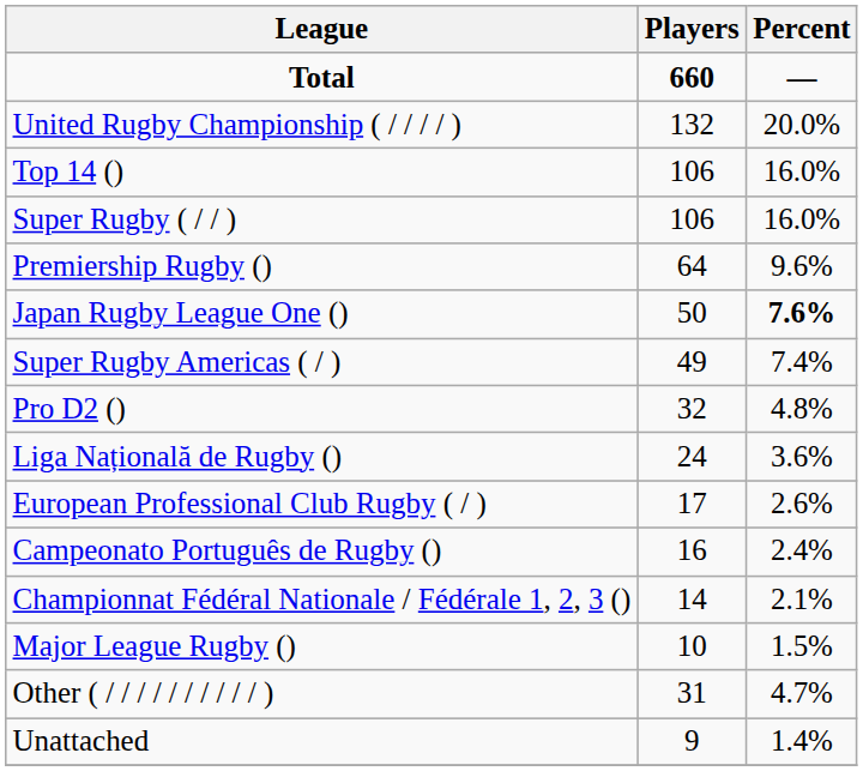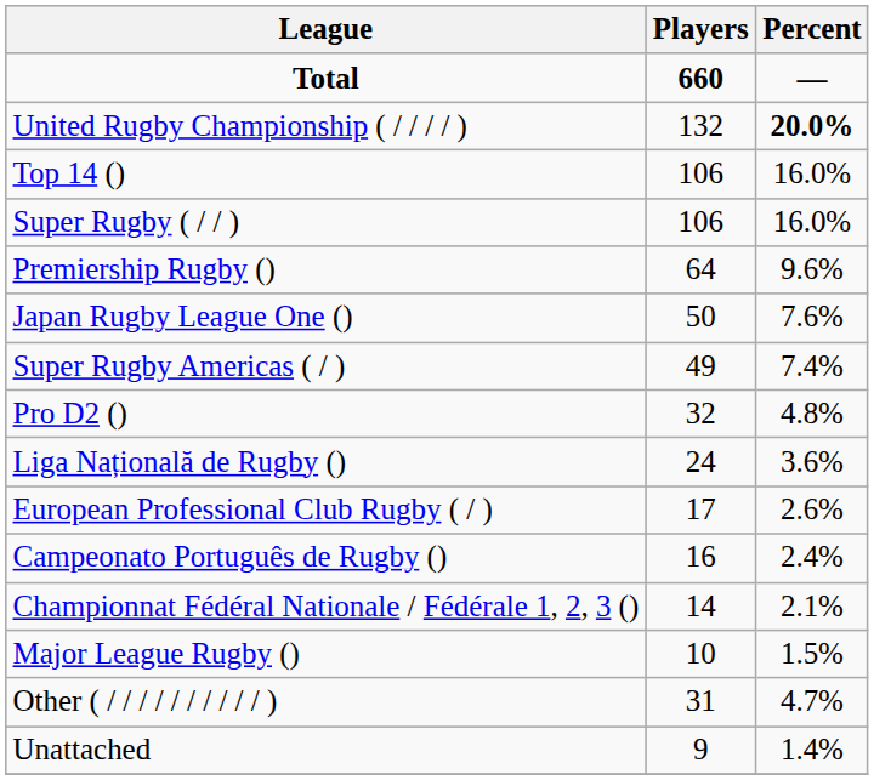 <table class="wikitable sortable" style="text-align:center">
 <tr>
 <th>League</th>
 <th>Players</th>
 <th>Percent</th>
 </tr>
 <tr>
 <td><strong>Total</strong></td>
 <td><strong>660</strong></td>
 <td><strong>—</strong></td>
 </tr>
 <tr>
 <td align="left"><a href='#'>United Rugby Championship</a> ( /  /  /  / )</td>
 <td>132</td>
-<td>20.0%</td>
+<td><strong>20.0%</strong></td>
 </tr>
 <tr>
 <td align="left"><a href='#'>Top 14</a> ()</td>
 <td>106</td>
 <td>16.0%</td>
 </tr>
 <tr>
 <td align="left"><a href='#'>Super Rugby</a> ( /  / )</td>
 <td>106</td>
 <td>16.0%</td>
 </tr>
 <tr>
 <td align="left"><a href='#'>Premiership Rugby</a> ()</td>
 <td>64</td>
 <td>9.6%</td>
 </tr>
 <tr>
 <td align="left"><a href='#'>Japan Rugby League One</a> ()</td>
 <td>50</td>
-<td><strong>7.6%</strong></td>
+<td>7.6%</td>
 </tr>
 <tr>
 <td align="left"><a href='#'>Super Rugby Americas</a> ( / )</td>
 <td>49</td>
 <td>7.4%</td>
 </tr>
 <tr>
 <td align="left"><a href='#'>Pro D2</a> ()</td>
 <td>32</td>
 <td>4.8%</td>
 </tr>
 <tr>
 <td align="left"><a href='#'>Liga Națională de Rugby</a> ()</td>
 <td>24</td>
 <td>3.6%</td>
 </tr>
 <tr>
 <td align="left"><a href='#'>European Professional Club Rugby</a> ( / )</td>
 <td>17</td>
 <td>2.6%</td>
 </tr>
 <tr>
 <td align="left"><a href='#'>Campeonato Português de Rugby</a> ()</td>
 <td>16</td>
 <td>2.4%</td>
 </tr>
 <tr>
 <td align="left"><a href='#'>Championnat Fédéral Nationale</a> / <a href='#'>Fédérale 1</a>, <a href='#'>2</a>, <a href='#'>3</a> ()</td>
 <td>14</td>
 <td>2.1%</td>
 </tr>
 <tr>
 <td align="left"><a href='#'>Major League Rugby</a> ()</td>
 <td>10</td>
 <td>1.5%</td>
 </tr>
 <tr>
 <td align="left">Other ( /  /  /  /  /  /  /  /  /  / )</td>
 <td>31</td>
 <td>4.7%</td>
 </tr>
 <tr>
 <td align="left">Unattached</td>
 <td>9</td>
 <td>1.4%</td>
 </tr>
 <tr>
 </tr>
 </table>
